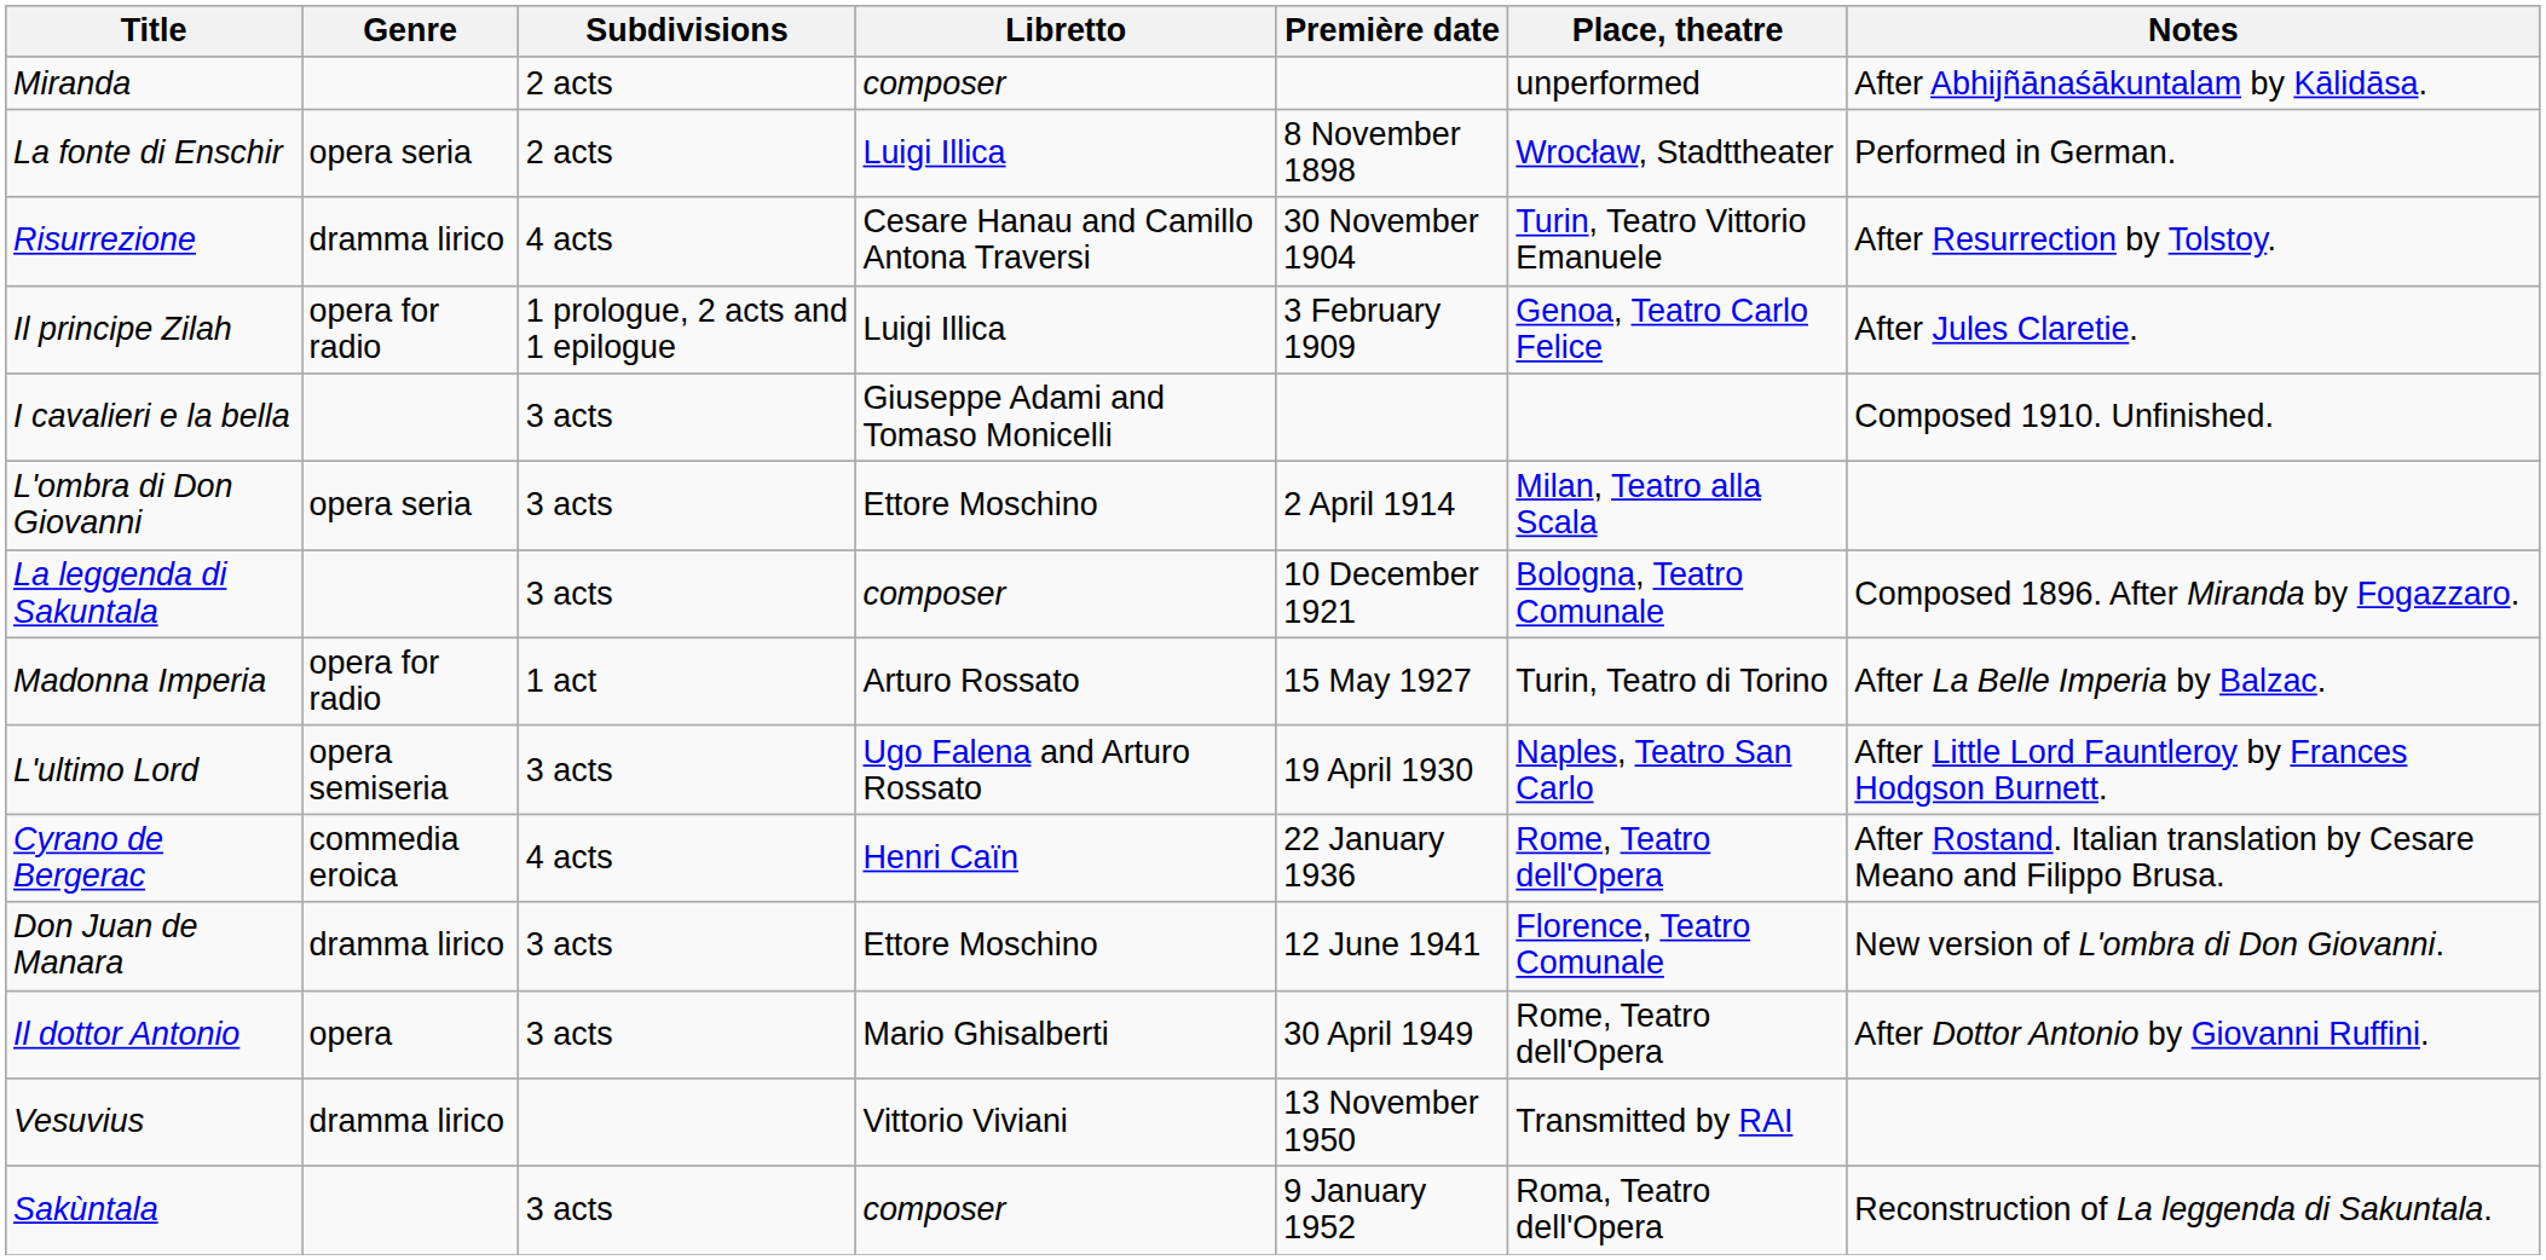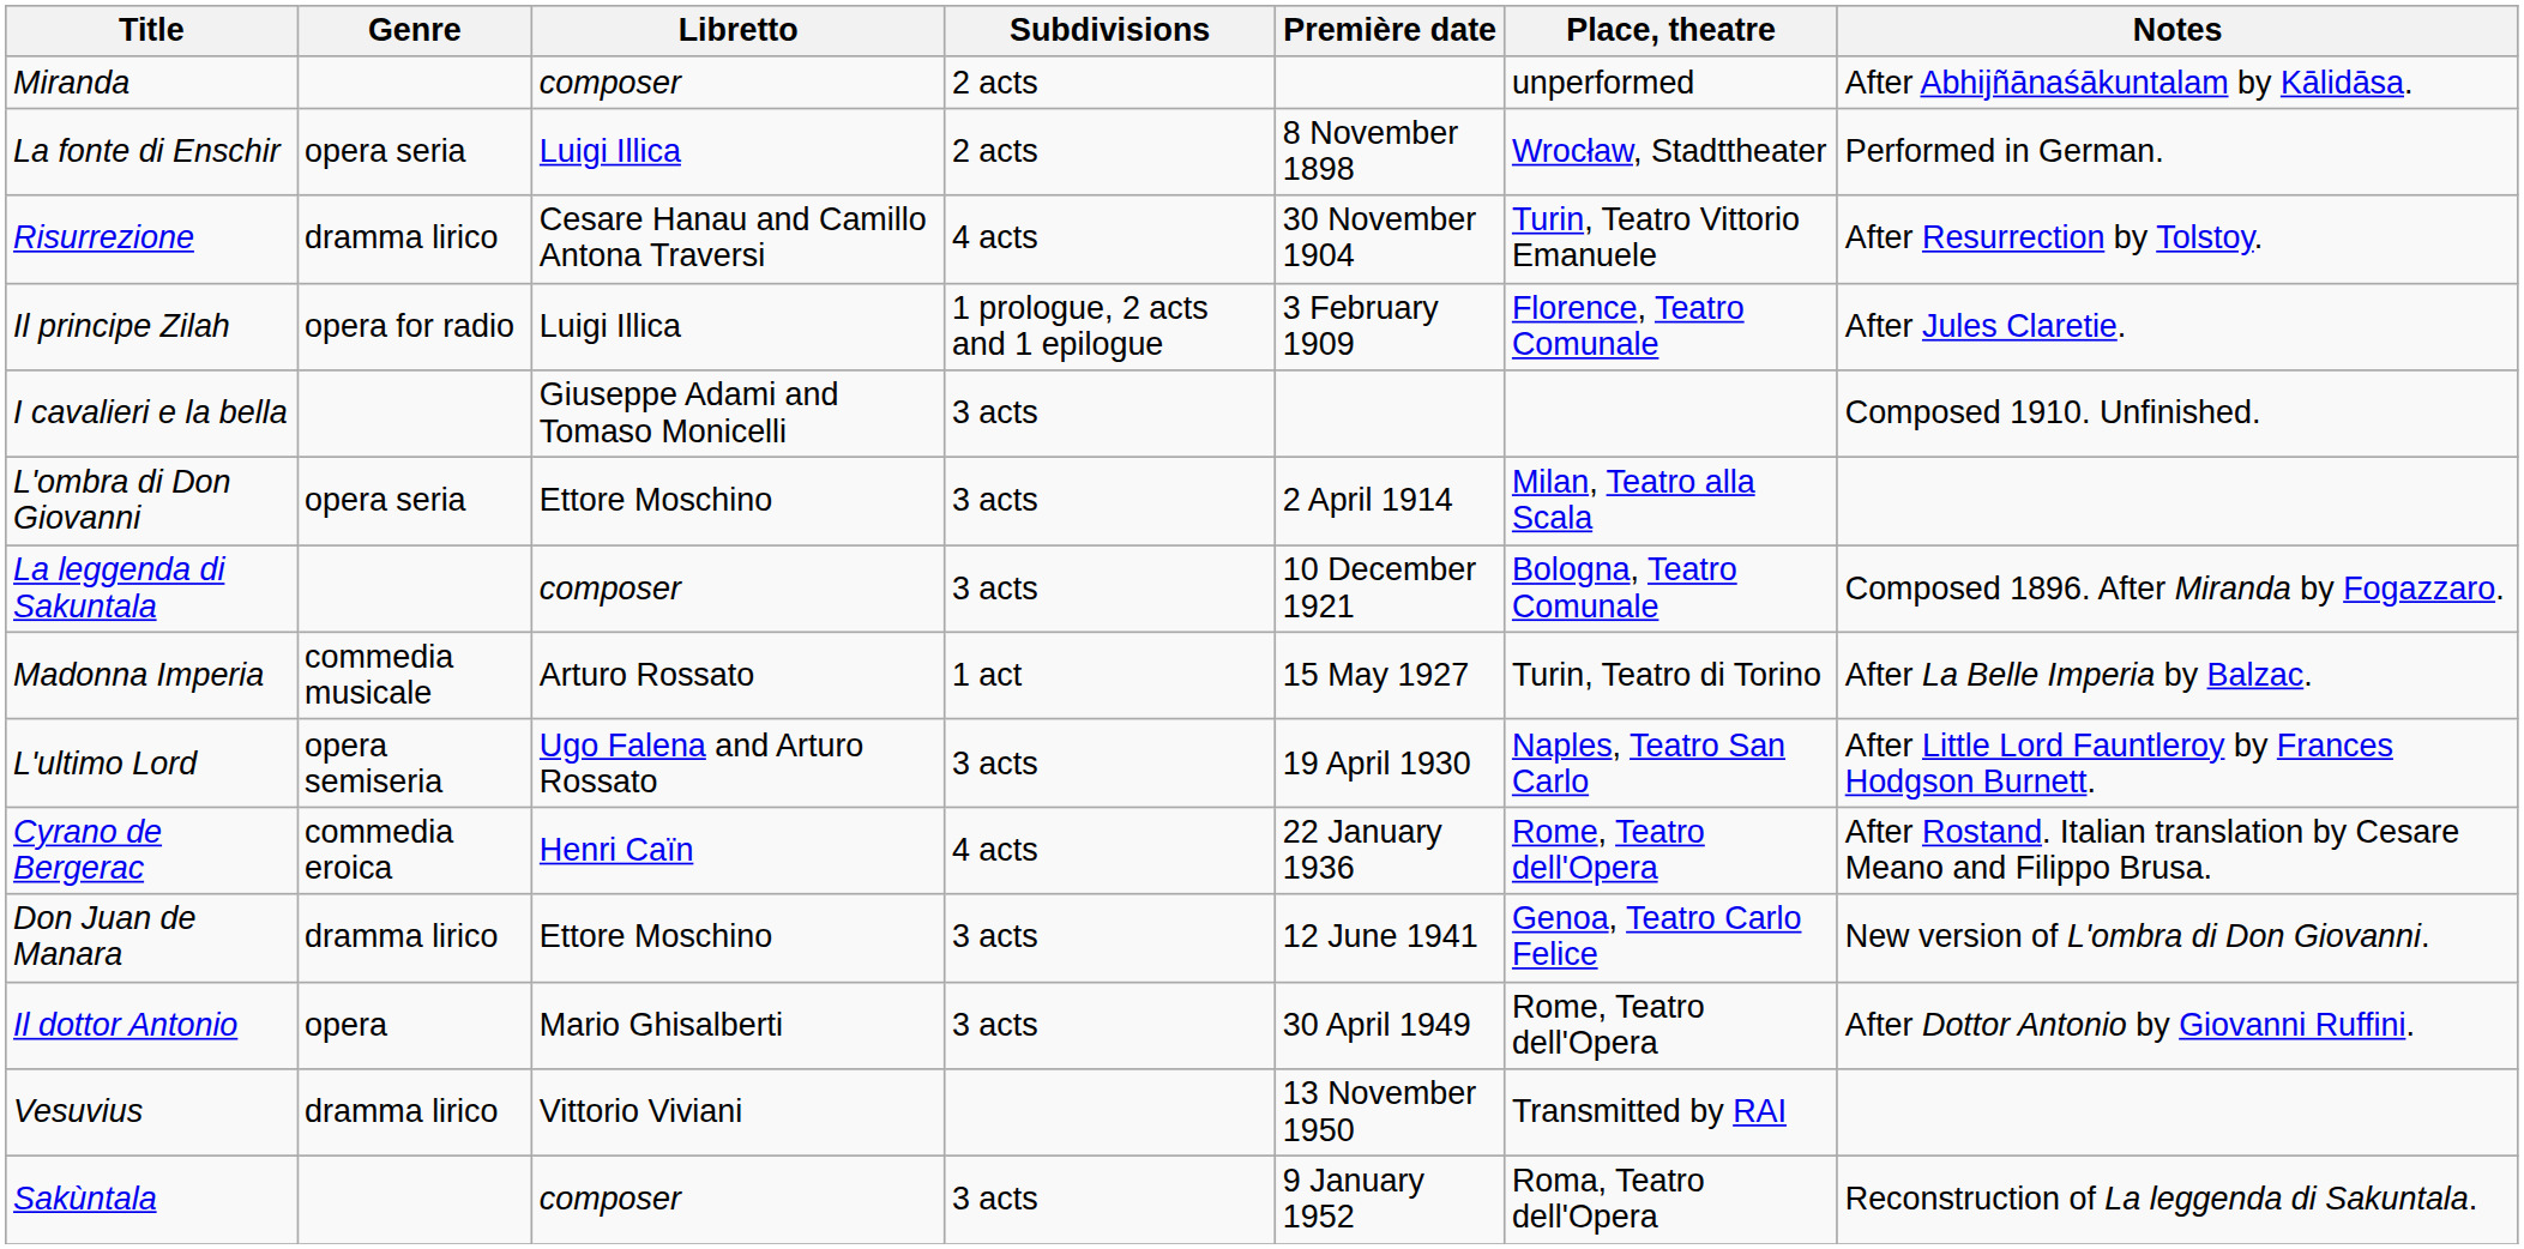 <table class="wikitable sortable">
 <tr>
 <th>Title</th>
 <th>Genre</th>
+<th>Libretto</th>
 <th>Sub­divisions</th>
-<th>Libretto</th>
 <th>Première date</th>
 <th>Place, theatre</th>
 <th>Notes</th>
 </tr>
 <tr>
 <td><em>Miranda</em></td>
 <td></td>
+<td><em>composer</em></td>
 <td>2 acts</td>
-<td><em>composer</em></td>
 <td></td>
 <td>unperformed</td>
 <td>After <a href='#'>Abhijñānaśākuntalam</a> by <a href='#'>Kālidāsa</a>.</td>
 </tr>
 <tr>
 <td><em>La fonte di Enschir</em></td>
 <td>opera seria</td>
+<td><a href='#'>Luigi Illica</a></td>
 <td>2 acts</td>
-<td><a href='#'>Luigi Illica</a></td>
 <td>8 November 1898</td>
 <td><a href='#'>Wrocław</a>, Stadttheater</td>
 <td>Performed in German.</td>
 </tr>
 <tr>
 <td><em><a href='#'>Risurrezione</a></em></td>
 <td>dramma lirico</td>
+<td>Cesare Hanau and Camillo Antona Traversi</td>
 <td>4 acts</td>
-<td>Cesare Hanau and Camillo Antona Traversi</td>
 <td>30 November 1904</td>
 <td><a href='#'>Turin</a>, Teatro Vittorio Emanuele</td>
 <td>After <a href='#'>Resurrection</a> by <a href='#'>Tolstoy</a>.</td>
 </tr>
 <tr>
 <td><em>Il principe Zilah</em></td>
 <td>opera for radio</td>
+<td>Luigi Illica</td>
 <td>1 prologue, 2 acts and 1 epilogue</td>
-<td>Luigi Illica</td>
 <td>3 February 1909</td>
-<td><a href='#'>Genoa</a>, <a href='#'>Teatro Carlo Felice</a></td>
+<td><a href='#'>Florence</a>, <a href='#'>Teatro Comunale</a></td>
 <td>After <a href='#'>Jules Claretie</a>.</td>
 </tr>
 <tr>
 <td><em>I cavalieri e la bella</em></td>
 <td></td>
+<td>Giuseppe Adami and Tomaso Monicelli</td>
 <td>3 acts</td>
-<td>Giuseppe Adami and Tomaso Monicelli</td>
 <td></td>
 <td></td>
 <td>Composed 1910. Unfinished.</td>
 </tr>
 <tr>
 <td><em>L'ombra di Don Giovanni</em></td>
 <td>opera seria</td>
+<td>Ettore Moschino</td>
 <td>3 acts</td>
-<td>Ettore Moschino</td>
 <td>2 April 1914</td>
 <td><a href='#'>Milan</a>, <a href='#'>Teatro alla Scala</a></td>
 <td></td>
 </tr>
 <tr>
 <td><em><a href='#'>La leggenda di Sakuntala</a></em></td>
 <td></td>
+<td><em>composer</em></td>
 <td>3 acts</td>
-<td><em>composer</em></td>
 <td>10 December 1921</td>
 <td><a href='#'>Bologna</a>, <a href='#'>Teatro Comunale</a></td>
 <td>Composed 1896. After <em>Miranda</em> by <a href='#'>Fogazzaro</a>.</td>
 </tr>
 <tr>
 <td><em>Madonna Imperia</em></td>
-<td>opera for radio</td>
+<td>commedia musicale</td>
+<td>Arturo Rossato</td>
 <td>1 act</td>
-<td>Arturo Rossato</td>
 <td>15 May 1927</td>
 <td>Turin, Teatro di Torino</td>
 <td>After <em>La Belle Imperia</em> by <a href='#'>Balzac</a>.</td>
 </tr>
 <tr>
 <td><em>L'ultimo Lord</em></td>
 <td>opera semiseria</td>
+<td><a href='#'>Ugo Falena</a> and Arturo Rossato</td>
 <td>3 acts</td>
-<td><a href='#'>Ugo Falena</a> and Arturo Rossato</td>
 <td>19 April 1930</td>
 <td><a href='#'>Naples</a>, <a href='#'>Teatro San Carlo</a></td>
 <td>After <a href='#'>Little Lord Fauntleroy</a> by <a href='#'>Frances Hodgson Burnett</a>.</td>
 </tr>
 <tr>
 <td><em><a href='#'>Cyrano de Bergerac</a></em></td>
 <td>commedia eroica</td>
+<td><a href='#'>Henri Caïn</a></td>
 <td>4 acts</td>
-<td><a href='#'>Henri Caïn</a></td>
 <td>22 January 1936</td>
 <td><a href='#'>Rome</a>, <a href='#'>Teatro dell'Opera</a></td>
 <td>After <a href='#'>Rostand</a>. Italian translation by Cesare Meano and Filippo Brusa.</td>
 </tr>
 <tr>
 <td><em>Don Juan de Manara</em></td>
 <td>dramma lirico</td>
+<td>Ettore Moschino</td>
 <td>3 acts</td>
-<td>Ettore Moschino</td>
 <td>12 June 1941</td>
-<td><a href='#'>Florence</a>, <a href='#'>Teatro Comunale</a></td>
+<td><a href='#'>Genoa</a>, <a href='#'>Teatro Carlo Felice</a></td>
 <td>New version of <em>L'ombra di Don Giovanni</em>.</td>
 </tr>
 <tr>
 <td><em><a href='#'>Il dottor Antonio</a></em></td>
 <td>opera</td>
+<td>Mario Ghisalberti</td>
 <td>3 acts</td>
-<td>Mario Ghisalberti</td>
 <td>30 April 1949</td>
 <td>Rome, Teatro dell'Opera</td>
 <td>After <em>Dottor Antonio</em> by <a href='#'>Giovanni Ruffini</a>.</td>
 </tr>
 <tr>
 <td><em>Vesuvius</em></td>
 <td>dramma lirico</td>
+<td>Vittorio Viviani</td>
 <td></td>
-<td>Vittorio Viviani</td>
 <td>13 November 1950</td>
 <td>Transmitted by <a href='#'>RAI</a></td>
 <td></td>
 </tr>
 <tr>
 <td><em><a href='#'>Sakùntala</a></em></td>
 <td></td>
+<td><em>composer</em></td>
 <td>3 acts</td>
-<td><em>composer</em></td>
 <td>9 January 1952</td>
 <td>Roma, Teatro dell'Opera</td>
 <td>Reconstruction of <em>La leggenda di Sakuntala</em>.</td>
 </tr>
 </table>
